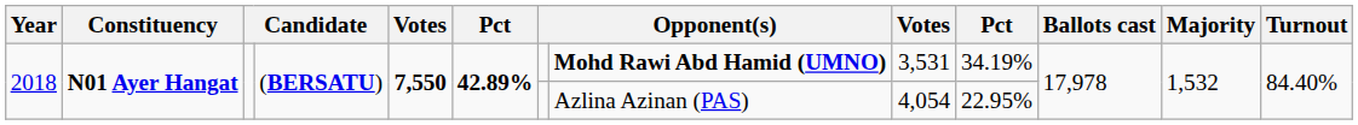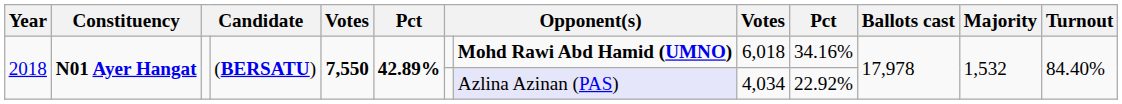 <table class="wikitable" style="margin:0.5em ; font-size:95%">
 <tr>
 <th>Year</th>
 <th>Constituency</th>
 <th colspan=2>Candidate</th>
 <th>Votes</th>
 <th>Pct</th>
 <th colspan=2>Opponent(s)</th>
 <th>Votes</th>
 <th>Pct</th>
 <th>Ballots cast</th>
 <th>Majority</th>
 <th>Turnout</th>
 </tr>
 <tr>
 <td rowspan=2><a href='#'>2018</a></td>
 <td rowspan=2><strong>N01 <a href='#'>Ayer Hangat</a></strong></td>
 <td rowspan=2 ></td>
 <td rowspan=2> (<a href='#'><strong>BERSATU</strong></a>)</td>
 <td rowspan=2 align="right"><strong>7,550</strong></td>
 <td rowspan=2><strong>42.89%</strong></td>
 <td></td>
 <td><strong>Mohd Rawi Abd Hamid (<a href='#'>UMNO</a>)</strong></td>
-<td align="right">3,531</td>
-<td>34.19%</td>
+<td align="right">6,018</td>
+<td>34.16%</td>
 <td rowspan=2>17,978</td>
 <td rowspan=2>1,532</td>
 <td rowspan=2>84.40%</td>
 </tr>
 <tr>
 <td></td>
-<td>Azlina Azinan (<a href='#'>PAS</a>)</td>
-<td align="right">4,054</td>
-<td>22.95%</td>
+<td style="background: lavender;">Azlina Azinan (<a href='#'>PAS</a>)</td>
+<td align="right">4,034</td>
+<td>22.92%</td>
 </tr>
 </table>
